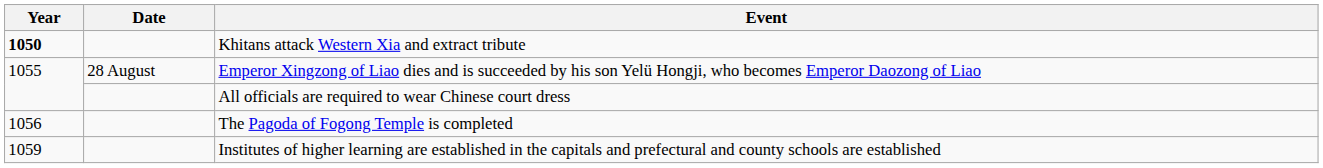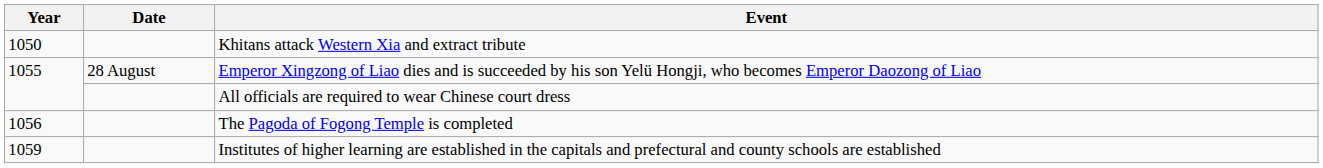 <table class="wikitable" width="100%">
 <tr>
 <th style="width:6%">Year</th>
 <th style="width:10%">Date</th>
 <th>Event</th>
 </tr>
 <tr>
-<td><strong>1050</strong></td>
+<td>1050</td>
 <td></td>
 <td>Khitans attack <a href='#'>Western Xia</a> and extract tribute</td>
 </tr>
 <tr>
 <td rowspan="2" valign="top">1055</td>
 <td>28 August</td>
 <td><a href='#'>Emperor Xingzong of Liao</a> dies and is succeeded by his son Yelü Hongji, who becomes <a href='#'>Emperor Daozong of Liao</a></td>
 </tr>
 <tr>
 <td></td>
 <td>All officials are required to wear Chinese court dress</td>
 </tr>
 <tr>
 <td>1056</td>
 <td></td>
 <td>The <a href='#'>Pagoda of Fogong Temple</a> is completed</td>
 </tr>
 <tr>
 <td>1059</td>
 <td></td>
 <td>Institutes of higher learning are established in the capitals and prefectural and county schools are established</td>
 </tr>
 </table>
